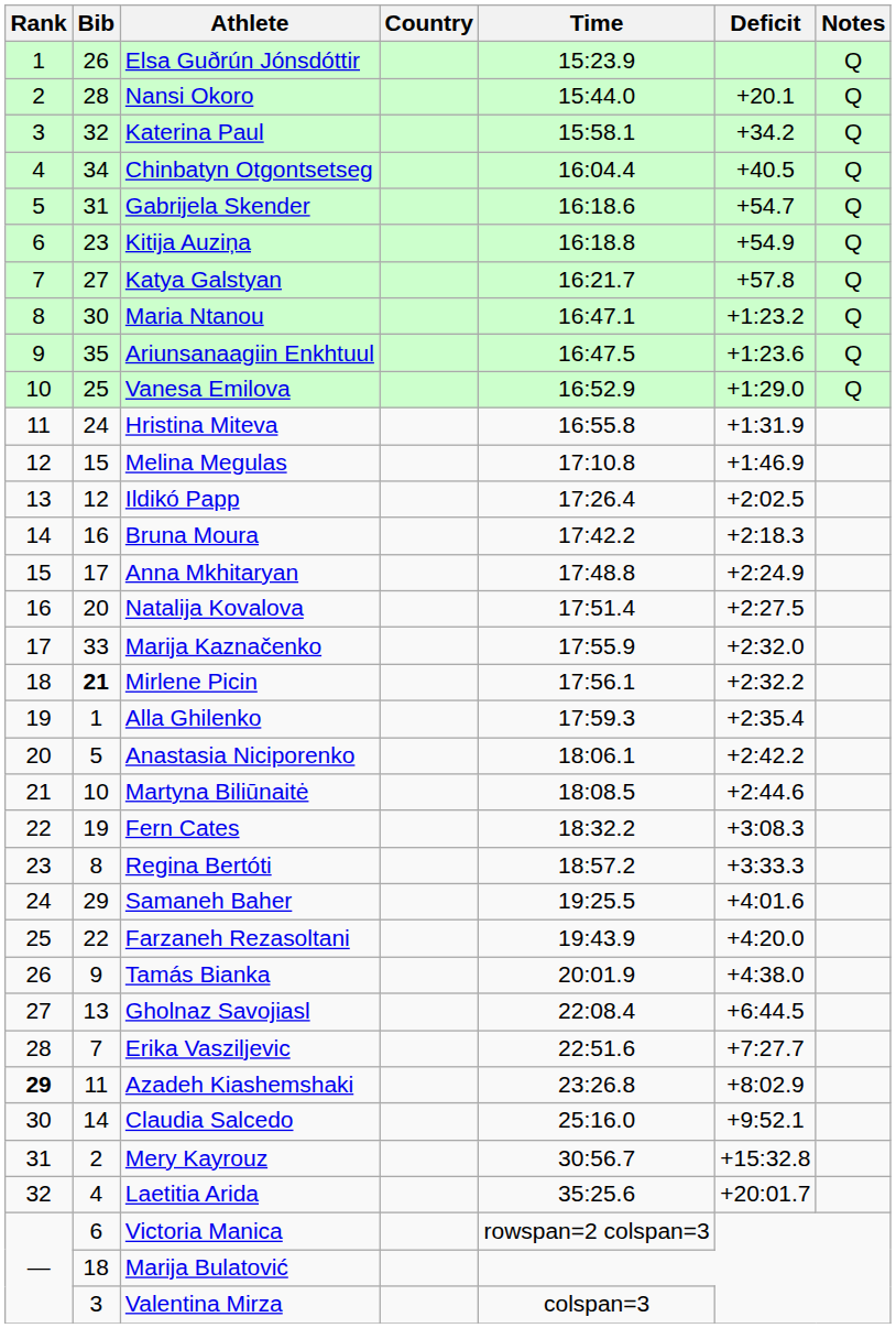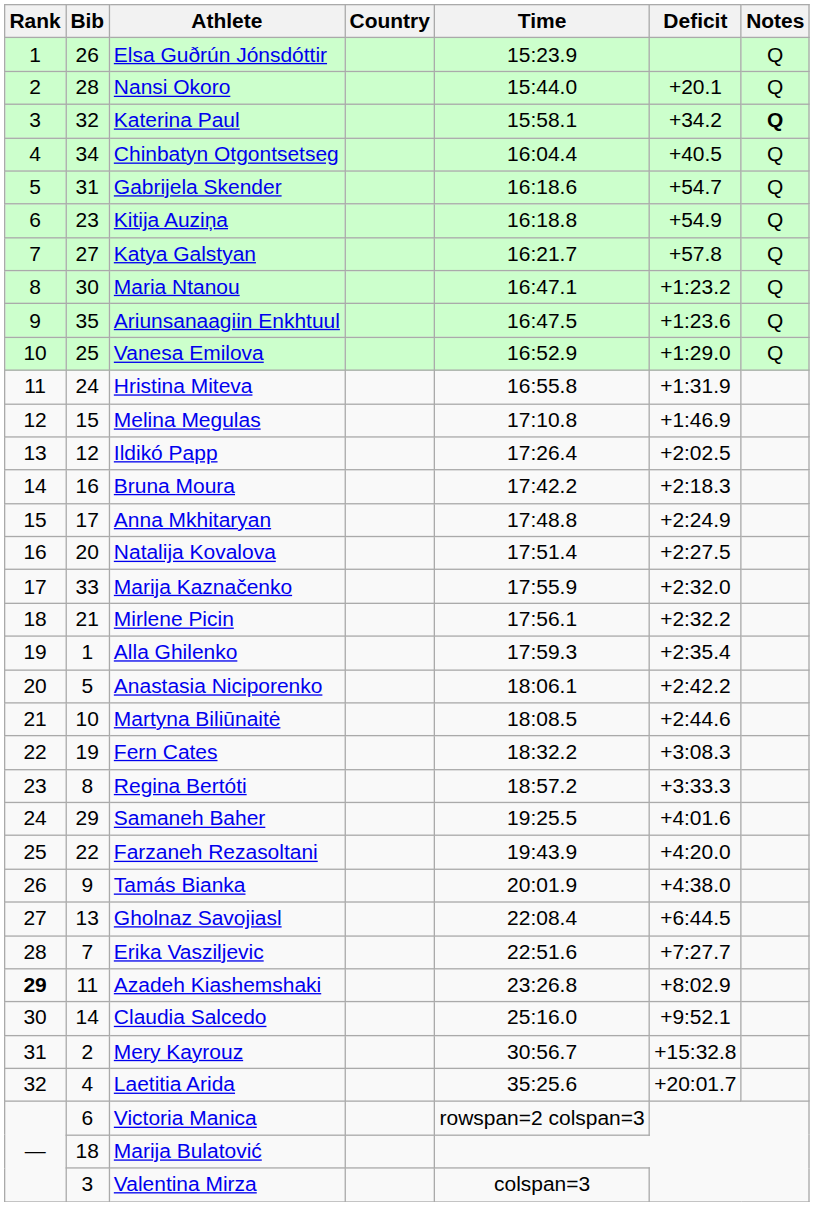 <table class="wikitable sortable" style="text-align:center">
 <tr>
 <th>Rank</th>
 <th>Bib</th>
 <th>Athlete</th>
 <th>Country</th>
 <th>Time</th>
 <th>Deficit</th>
 <th>Notes</th>
 </tr>
 <tr bgcolor=ccffcc>
 <td>1</td>
 <td>26</td>
 <td align=left><a href='#'>Elsa Guðrún Jónsdóttir</a></td>
 <td align=left></td>
 <td>15:23.9</td>
 <td></td>
 <td>Q</td>
 </tr>
 <tr bgcolor=ccffcc>
 <td>2</td>
 <td>28</td>
 <td align=left><a href='#'>Nansi Okoro</a></td>
 <td align=left></td>
 <td>15:44.0</td>
 <td>+20.1</td>
 <td>Q</td>
 </tr>
 <tr bgcolor=ccffcc>
 <td>3</td>
 <td>32</td>
 <td align=left><a href='#'>Katerina Paul</a></td>
 <td align=left></td>
 <td>15:58.1</td>
 <td>+34.2</td>
-<td>Q</td>
+<td><strong>Q</strong></td>
 </tr>
 <tr bgcolor=ccffcc>
 <td>4</td>
 <td>34</td>
 <td align=left><a href='#'>Chinbatyn Otgontsetseg</a></td>
 <td align=left></td>
 <td>16:04.4</td>
 <td>+40.5</td>
 <td>Q</td>
 </tr>
 <tr bgcolor=ccffcc>
 <td>5</td>
 <td>31</td>
 <td align=left><a href='#'>Gabrijela Skender</a></td>
 <td align=left></td>
 <td>16:18.6</td>
 <td>+54.7</td>
 <td>Q</td>
 </tr>
 <tr bgcolor=ccffcc>
 <td>6</td>
 <td>23</td>
 <td align=left><a href='#'>Kitija Auziņa</a></td>
 <td align=left></td>
 <td>16:18.8</td>
 <td>+54.9</td>
 <td>Q</td>
 </tr>
 <tr bgcolor=ccffcc>
 <td>7</td>
 <td>27</td>
 <td align=left><a href='#'>Katya Galstyan</a></td>
 <td align=left></td>
 <td>16:21.7</td>
 <td>+57.8</td>
 <td>Q</td>
 </tr>
 <tr bgcolor=ccffcc>
 <td>8</td>
 <td>30</td>
 <td align=left><a href='#'>Maria Ntanou</a></td>
 <td align=left></td>
 <td>16:47.1</td>
 <td>+1:23.2</td>
 <td>Q</td>
 </tr>
 <tr bgcolor=ccffcc>
 <td>9</td>
 <td>35</td>
 <td align=left><a href='#'>Ariunsanaagiin Enkhtuul</a></td>
 <td align=left></td>
 <td>16:47.5</td>
 <td>+1:23.6</td>
 <td>Q</td>
 </tr>
 <tr bgcolor=ccffcc>
 <td>10</td>
 <td>25</td>
 <td align=left><a href='#'>Vanesa Emilova</a></td>
 <td align=left></td>
 <td>16:52.9</td>
 <td>+1:29.0</td>
 <td>Q</td>
 </tr>
 <tr>
 <td>11</td>
 <td>24</td>
 <td align=left><a href='#'>Hristina Miteva</a></td>
 <td align=left></td>
 <td>16:55.8</td>
 <td>+1:31.9</td>
 <td></td>
 </tr>
 <tr>
 <td>12</td>
 <td>15</td>
 <td align=left><a href='#'>Melina Megulas</a></td>
 <td align=left></td>
 <td>17:10.8</td>
 <td>+1:46.9</td>
 <td></td>
 </tr>
 <tr>
 <td>13</td>
 <td>12</td>
 <td align=left><a href='#'>Ildikó Papp</a></td>
 <td align=left></td>
 <td>17:26.4</td>
 <td>+2:02.5</td>
 <td></td>
 </tr>
 <tr>
 <td>14</td>
 <td>16</td>
 <td align=left><a href='#'>Bruna Moura</a></td>
 <td align=left></td>
 <td>17:42.2</td>
 <td>+2:18.3</td>
 <td></td>
 </tr>
 <tr>
 <td>15</td>
 <td>17</td>
 <td align=left><a href='#'>Anna Mkhitaryan</a></td>
 <td align=left></td>
 <td>17:48.8</td>
 <td>+2:24.9</td>
 <td></td>
 </tr>
 <tr>
 <td>16</td>
 <td>20</td>
 <td align=left><a href='#'>Natalija Kovalova</a></td>
 <td align=left></td>
 <td>17:51.4</td>
 <td>+2:27.5</td>
 <td></td>
 </tr>
 <tr>
 <td>17</td>
 <td>33</td>
 <td align=left><a href='#'>Marija Kaznačenko</a></td>
 <td align=left></td>
 <td>17:55.9</td>
 <td>+2:32.0</td>
 <td></td>
 </tr>
 <tr>
 <td>18</td>
-<td><strong>21</strong></td>
+<td>21</td>
 <td align=left><a href='#'>Mirlene Picin</a></td>
 <td align=left></td>
 <td>17:56.1</td>
 <td>+2:32.2</td>
 <td></td>
 </tr>
 <tr>
 <td>19</td>
 <td>1</td>
 <td align=left><a href='#'>Alla Ghilenko</a></td>
 <td align=left></td>
 <td>17:59.3</td>
 <td>+2:35.4</td>
 <td></td>
 </tr>
 <tr>
 <td>20</td>
 <td>5</td>
 <td align=left><a href='#'>Anastasia Niciporenko</a></td>
 <td align=left></td>
 <td>18:06.1</td>
 <td>+2:42.2</td>
 <td></td>
 </tr>
 <tr>
 <td>21</td>
 <td>10</td>
 <td align=left><a href='#'>Martyna Biliūnaitė</a></td>
 <td align=left></td>
 <td>18:08.5</td>
 <td>+2:44.6</td>
 <td></td>
 </tr>
 <tr>
 <td>22</td>
 <td>19</td>
 <td align=left><a href='#'>Fern Cates</a></td>
 <td align=left></td>
 <td>18:32.2</td>
 <td>+3:08.3</td>
 <td></td>
 </tr>
 <tr>
 <td>23</td>
 <td>8</td>
 <td align=left><a href='#'>Regina Bertóti</a></td>
 <td align=left></td>
 <td>18:57.2</td>
 <td>+3:33.3</td>
 <td></td>
 </tr>
 <tr>
 <td>24</td>
 <td>29</td>
 <td align=left><a href='#'>Samaneh Baher</a></td>
 <td align=left></td>
 <td>19:25.5</td>
 <td>+4:01.6</td>
 <td></td>
 </tr>
 <tr>
 <td>25</td>
 <td>22</td>
 <td align=left><a href='#'>Farzaneh Rezasoltani</a></td>
 <td align=left></td>
 <td>19:43.9</td>
 <td>+4:20.0</td>
 <td></td>
 </tr>
 <tr>
 <td>26</td>
 <td>9</td>
 <td align=left><a href='#'>Tamás Bianka</a></td>
 <td align=left></td>
 <td>20:01.9</td>
 <td>+4:38.0</td>
 <td></td>
 </tr>
 <tr>
 <td>27</td>
 <td>13</td>
 <td align=left><a href='#'>Gholnaz Savojiasl</a></td>
 <td align=left></td>
 <td>22:08.4</td>
 <td>+6:44.5</td>
 <td></td>
 </tr>
 <tr>
 <td>28</td>
 <td>7</td>
 <td align=left><a href='#'>Erika Vasziljevic</a></td>
 <td align=left></td>
 <td>22:51.6</td>
 <td>+7:27.7</td>
 <td></td>
 </tr>
 <tr>
 <td><strong>29</strong></td>
 <td>11</td>
 <td align=left><a href='#'>Azadeh Kiashemshaki</a></td>
 <td align=left></td>
 <td>23:26.8</td>
 <td>+8:02.9</td>
 <td></td>
 </tr>
 <tr>
 <td>30</td>
 <td>14</td>
 <td align=left><a href='#'>Claudia Salcedo</a></td>
 <td align=left></td>
 <td>25:16.0</td>
 <td>+9:52.1</td>
 <td></td>
 </tr>
 <tr>
 <td>31</td>
 <td>2</td>
 <td align=left><a href='#'>Mery Kayrouz</a></td>
 <td align=left></td>
 <td>30:56.7</td>
 <td>+15:32.8</td>
 <td></td>
 </tr>
 <tr>
 <td>32</td>
 <td>4</td>
 <td align=left><a href='#'>Laetitia Arida</a></td>
 <td align=left></td>
 <td>35:25.6</td>
 <td>+20:01.7</td>
 <td></td>
 </tr>
 <tr>
 <td rowspan=3>—</td>
 <td>6</td>
 <td align=left><a href='#'>Victoria Manica</a></td>
 <td align=left></td>
 <td>rowspan=2 colspan=3 </td>
 </tr>
 <tr>
 <td>18</td>
 <td align=left><a href='#'>Marija Bulatović</a></td>
 <td align=left></td>
 </tr>
 <tr>
 <td>3</td>
 <td align=left><a href='#'>Valentina Mirza</a></td>
 <td align=left></td>
 <td>colspan=3 </td>
 </tr>
 </table>
